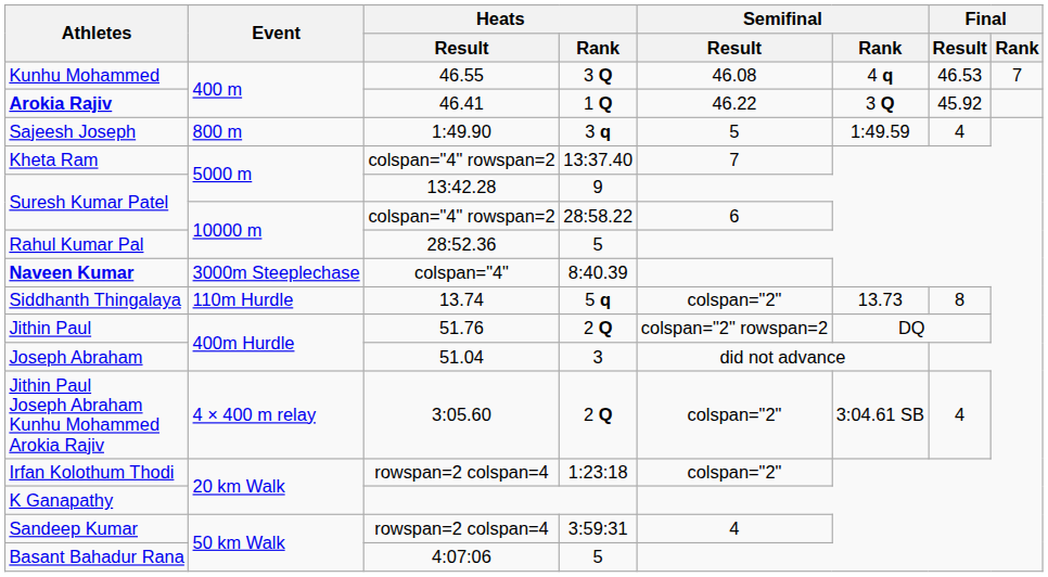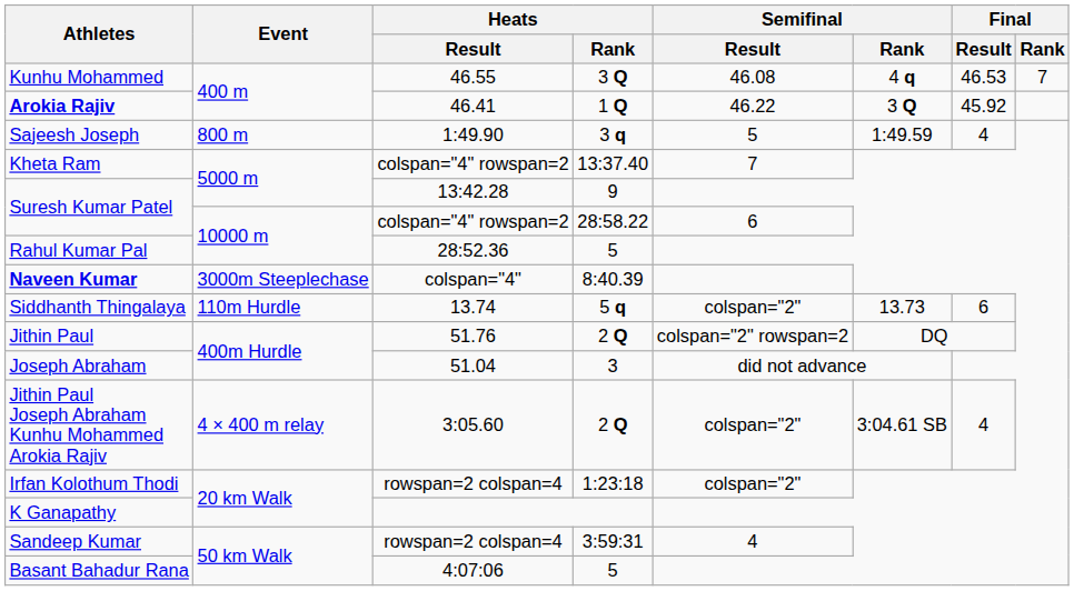 <table class="wikitable" style="text-align:center; font-size:90%">
 <tr>
 <th rowspan=2>Athletes</th>
 <th rowspan=2>Event</th>
 <th colspan=2>Heats</th>
 <th colspan=2>Semifinal</th>
 <th colspan=2>Final</th>
 </tr>
 <tr>
 <th>Result</th>
 <th>Rank</th>
 <th>Result</th>
 <th>Rank</th>
 <th>Result</th>
 <th>Rank</th>
 </tr>
 <tr>
 <td align=left><a href='#'>Kunhu Mohammed</a></td>
 <td align=left rowspan=2><a href='#'>400 m</a></td>
 <td>46.55</td>
 <td>3 <strong>Q</strong></td>
 <td>46.08 </td>
 <td>4 <strong>q</strong></td>
 <td>46.53</td>
 <td>7</td>
 </tr>
 <tr>
 <td align=left><strong><a href='#'>Arokia Rajiv</a></strong></td>
 <td>46.41</td>
 <td>1 <strong>Q</strong></td>
 <td>46.22</td>
 <td>3 <strong>Q</strong></td>
 <td>45.92 </td>
 <td></td>
 </tr>
 <tr>
 <td align=left><a href='#'>Sajeesh Joseph</a></td>
 <td align=left><a href='#'>800 m</a></td>
 <td>1:49.90</td>
 <td>3 <strong>q</strong></td>
 <td>5</td>
 <td>1:49.59</td>
 <td>4</td>
 </tr>
 <tr>
 <td align=left><a href='#'>Kheta Ram</a></td>
 <td align=left rowspan=2><a href='#'>5000 m</a></td>
 <td>colspan="4" rowspan=2 </td>
 <td>13:37.40 </td>
 <td>7</td>
 </tr>
 <tr>
 <td align=left rowspan=2><a href='#'>Suresh Kumar Patel</a></td>
 <td>13:42.28 </td>
 <td>9</td>
 </tr>
 <tr>
 <td align=left rowspan=2><a href='#'>10000 m</a></td>
 <td>colspan="4" rowspan=2 </td>
 <td>28:58.22 </td>
 <td>6</td>
 </tr>
 <tr>
 <td align=left><a href='#'>Rahul Kumar Pal</a></td>
 <td>28:52.36 </td>
 <td>5</td>
 </tr>
 <tr>
 <td align=left><strong><a href='#'>Naveen Kumar</a></strong></td>
 <td><a href='#'>3000m Steeplechase</a></td>
 <td>colspan="4" </td>
 <td>8:40.39</td>
 <td></td>
 </tr>
 <tr>
 <td align=left><a href='#'>Siddhanth Thingalaya</a></td>
 <td align=left><a href='#'>110m Hurdle</a></td>
 <td>13.74</td>
 <td>5 <strong>q</strong></td>
 <td>colspan="2" </td>
 <td>13.73</td>
-<td>8</td>
+<td>6</td>
 </tr>
 <tr>
 <td align=left><a href='#'>Jithin Paul</a></td>
 <td align=left rowspan=2><a href='#'>400m Hurdle</a></td>
 <td>51.76</td>
 <td>2 <strong>Q</strong></td>
 <td>colspan="2" rowspan=2 </td>
 <td colspan="2">DQ</td>
 </tr>
 <tr>
 <td align=left><a href='#'>Joseph Abraham</a></td>
 <td>51.04</td>
 <td>3</td>
 <td colspan="2">did not advance</td>
 </tr>
 <tr>
 <td align=left><a href='#'>Jithin Paul</a><br> <a href='#'>Joseph Abraham</a> <br><a href='#'>Kunhu Mohammed</a> <br><a href='#'>Arokia Rajiv</a></td>
 <td align=left><a href='#'>4 × 400 m relay</a></td>
 <td>3:05.60 </td>
 <td>2 <strong>Q</strong></td>
 <td>colspan="2" </td>
 <td>3:04.61 SB</td>
 <td>4</td>
 </tr>
 <tr>
 <td align=left><a href='#'>Irfan Kolothum Thodi</a></td>
 <td align=left rowspan=2><a href='#'>20 km Walk</a></td>
 <td>rowspan=2 colspan=4 </td>
 <td>1:23:18</td>
 <td>colspan="2" </td>
 </tr>
 <tr>
 <td align=left><a href='#'>K Ganapathy</a></td>
 <td colspan=2></td>
 </tr>
 <tr>
 <td align=left><a href='#'>Sandeep Kumar</a></td>
 <td align=left rowspan=2><a href='#'>50 km Walk</a></td>
 <td>rowspan=2 colspan=4 </td>
 <td>3:59:31</td>
 <td>4</td>
 </tr>
 <tr>
 <td align=left><a href='#'>Basant Bahadur Rana</a></td>
 <td>4:07:06</td>
 <td>5</td>
 </tr>
 </table>
